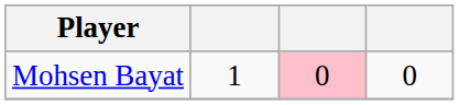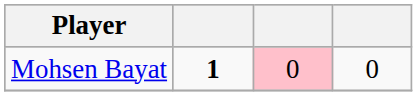 <table class="wikitable" style="text-align: center;">
 <tr>
 <th wight=200>Player</th>
 <th width=40></th>
 <th width=40> </th>
 <th width=40></th>
 </tr>
 <tr>
 <td style="text-align:left"> <a href='#'>Mohsen Bayat</a></td>
-<td>1</td>
+<td><strong>1</strong></td>
 <td style="background: pink;">0</td>
 <td>0</td>
 </tr>
 <tr>
 </tr>
 </table>
